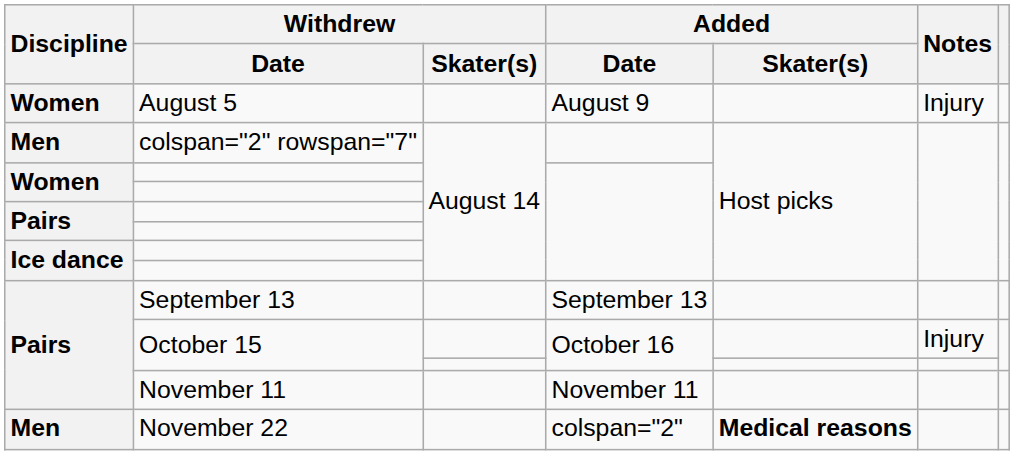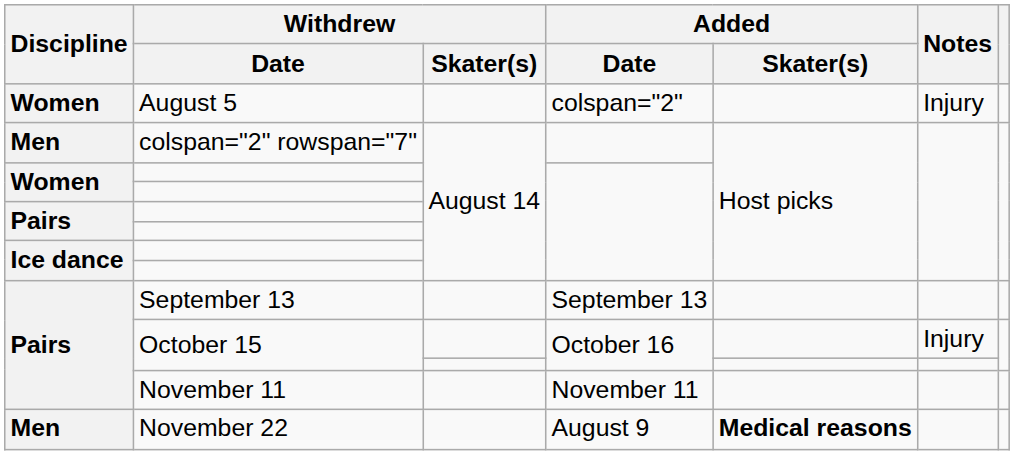 <table class="wikitable unsortable">
 <tr>
 <th scope="col" rowspan=2>Discipline</th>
 <th scope="col" colspan=2>Withdrew</th>
 <th scope="col" colspan=2>Added</th>
 <th scope="col" rowspan=2>Notes</th>
 <th scope="col" rowspan=2></th>
 </tr>
 <tr>
 <th>Date</th>
 <th>Skater(s)</th>
 <th>Date</th>
 <th>Skater(s)</th>
 </tr>
 <tr>
 <th scope="row" style="text-align:left">Women</th>
 <td>August 5</td>
 <td></td>
-<td>August 9</td>
+<td>colspan="2" </td>
 <td></td>
 <td>Injury</td>
 <td></td>
 </tr>
 <tr>
 <th scope="row" style="text-align:left">Men</th>
 <td>colspan="2" rowspan="7" </td>
 <td rowspan="7">August 14</td>
 <td></td>
 <td rowspan="7">Host picks</td>
 <td rowspan="7"></td>
 </tr>
 <tr>
 <th scope="row" style="text-align:left" rowspan="2">Women</th>
 <td></td>
 </tr>
 <tr>
 <td></td>
 </tr>
 <tr>
 <th scope="row" style="text-align:left" rowspan="2">Pairs</th>
 <td></td>
 </tr>
 <tr>
 <td></td>
 </tr>
 <tr>
 <th scope="row" style="text-align:left" rowspan="2">Ice dance</th>
 <td></td>
 </tr>
 <tr>
 <td></td>
 </tr>
 <tr>
 <th rowspan="4" scope="row" style="text-align:left">Pairs</th>
 <td>September 13</td>
 <td></td>
 <td>September 13</td>
 <td></td>
 <td></td>
 <td></td>
 </tr>
 <tr>
 <td rowspan="2">October 15</td>
 <td></td>
 <td rowspan="2">October 16</td>
 <td></td>
 <td>Injury</td>
 <td rowspan="2"></td>
 </tr>
 <tr>
 <td></td>
 <td></td>
 <td></td>
 </tr>
 <tr>
 <td>November 11</td>
 <td></td>
 <td>November 11</td>
 <td></td>
 <td></td>
 <td></td>
 </tr>
 <tr>
 <th scope="row" style="text-align:left">Men</th>
 <td>November 22</td>
 <td></td>
-<td>colspan="2" </td>
+<td>August 9</td>
 <td><strong>Medical reasons</strong></td>
 <td></td>
 </tr>
 </table>
